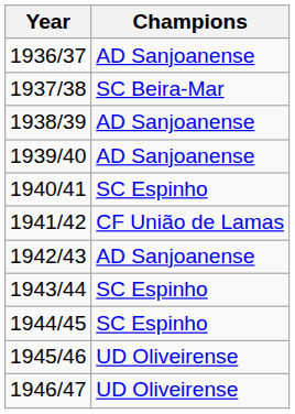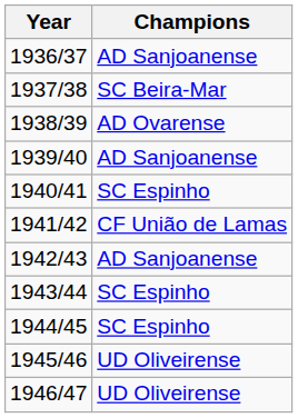 <table class="wikitable" style="text-align:left">
 <tr>
 <th style= style="width:100px;">Year</th>
 <th style= style="width:400px;">Champions</th>
 </tr>
 <tr>
 <td>1936/37</td>
 <td><a href='#'>AD Sanjoanense</a></td>
 </tr>
 <tr>
 <td>1937/38</td>
 <td><a href='#'>SC Beira-Mar</a></td>
 </tr>
 <tr>
 <td>1938/39</td>
-<td><a href='#'>AD Sanjoanense</a></td>
+<td><a href='#'>AD Ovarense</a></td>
 </tr>
 <tr>
 <td>1939/40</td>
 <td><a href='#'>AD Sanjoanense</a></td>
 </tr>
 <tr>
 <td>1940/41</td>
 <td><a href='#'>SC Espinho</a></td>
 </tr>
 <tr>
 <td>1941/42</td>
 <td><a href='#'>CF União de Lamas</a></td>
 </tr>
 <tr>
 <td>1942/43</td>
 <td><a href='#'>AD Sanjoanense</a></td>
 </tr>
 <tr>
 <td>1943/44</td>
 <td><a href='#'>SC Espinho</a></td>
 </tr>
 <tr>
 <td>1944/45</td>
 <td><a href='#'>SC Espinho</a></td>
 </tr>
 <tr>
 <td>1945/46</td>
 <td><a href='#'>UD Oliveirense</a></td>
 </tr>
 <tr>
 <td>1946/47</td>
 <td><a href='#'>UD Oliveirense</a></td>
 </tr>
 </table>
